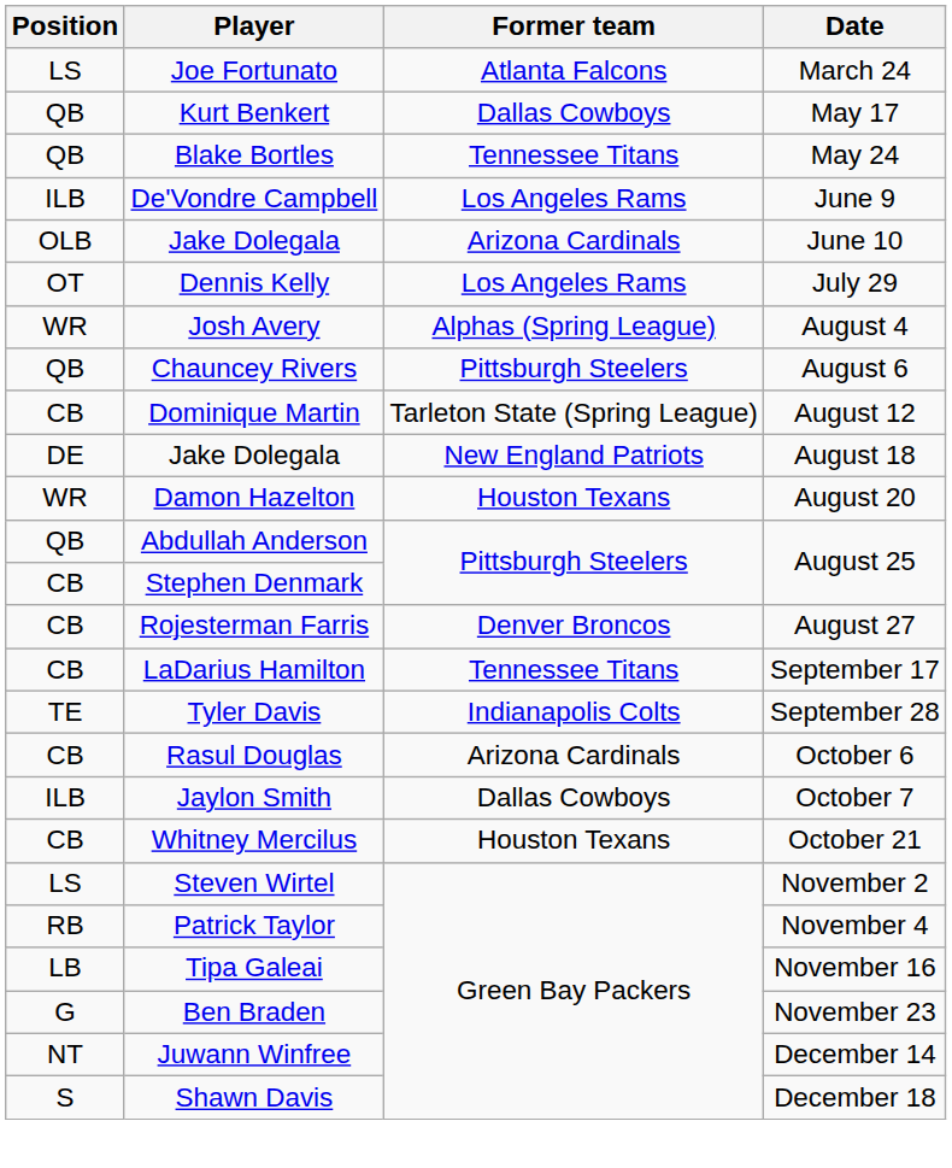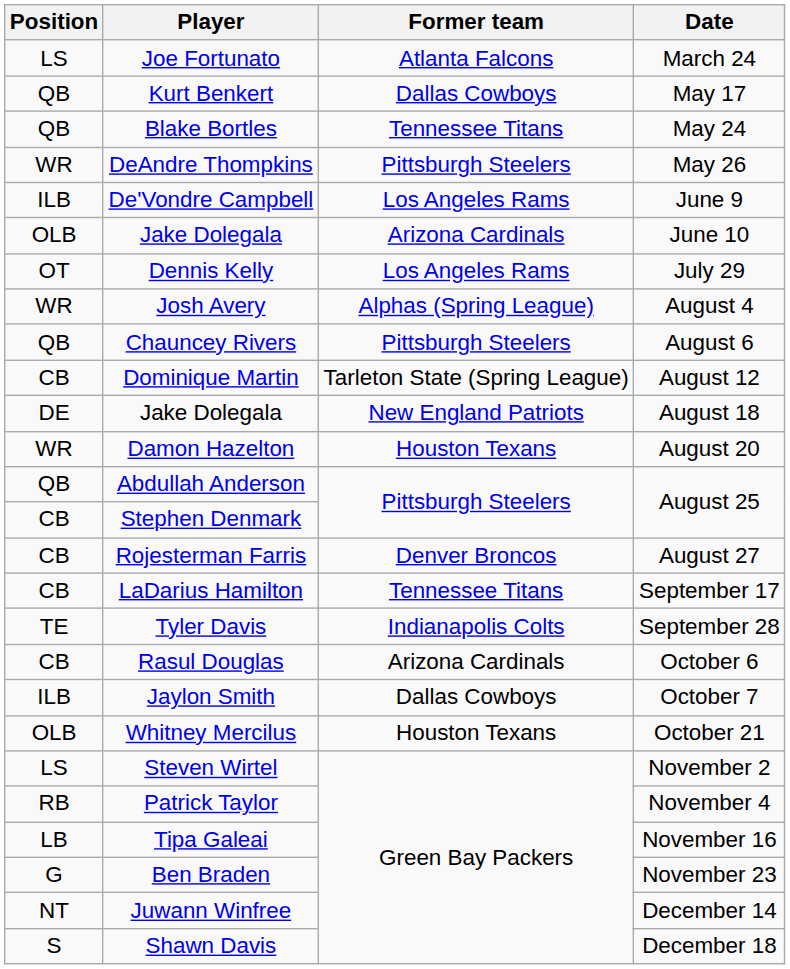 <table class="wikitable" style="text-align:center">
 <tr>
 <th>Position</th>
 <th>Player</th>
 <th>Former team</th>
 <th>Date</th>
 </tr>
 <tr>
 <td>LS</td>
 <td><a href='#'>Joe Fortunato</a></td>
 <td><a href='#'>Atlanta Falcons</a></td>
 <td>March 24</td>
 </tr>
 <tr>
 <td>QB</td>
 <td><a href='#'>Kurt Benkert</a></td>
 <td><a href='#'>Dallas Cowboys</a></td>
 <td>May 17</td>
 </tr>
 <tr>
 <td>QB</td>
 <td><a href='#'>Blake Bortles</a></td>
 <td><a href='#'>Tennessee Titans</a></td>
 <td>May 24</td>
+</tr>
+<tr>
+<td>WR</td>
+<td><a href='#'>DeAndre Thompkins</a></td>
+<td><a href='#'>Pittsburgh Steelers</a></td>
+<td>May 26</td>
 </tr>
 <tr>
 <td>ILB</td>
 <td><a href='#'>De'Vondre Campbell</a></td>
 <td><a href='#'>Los Angeles Rams</a></td>
 <td>June 9</td>
 </tr>
 <tr>
 <td>OLB</td>
 <td><a href='#'>Jake Dolegala</a></td>
 <td><a href='#'>Arizona Cardinals</a></td>
 <td>June 10</td>
 </tr>
 <tr>
 <td>OT</td>
 <td><a href='#'>Dennis Kelly</a></td>
 <td><a href='#'>Los Angeles Rams</a></td>
 <td>July 29</td>
 </tr>
 <tr>
 <td>WR</td>
 <td><a href='#'>Josh Avery</a></td>
 <td><a href='#'>Alphas (Spring League)</a></td>
 <td>August 4</td>
 </tr>
 <tr>
 <td>QB</td>
 <td><a href='#'>Chauncey Rivers</a></td>
 <td><a href='#'>Pittsburgh Steelers</a></td>
 <td>August 6</td>
 </tr>
 <tr>
 <td>CB</td>
 <td><a href='#'>Dominique Martin</a></td>
 <td>Tarleton State (Spring League)</td>
 <td>August 12</td>
 </tr>
 <tr>
 <td>DE</td>
 <td>Jake Dolegala</td>
 <td><a href='#'>New England Patriots</a></td>
 <td>August 18</td>
 </tr>
 <tr>
 <td>WR</td>
 <td><a href='#'>Damon Hazelton</a></td>
 <td><a href='#'>Houston Texans</a></td>
 <td>August 20</td>
 </tr>
 <tr>
 <td>QB</td>
 <td><a href='#'>Abdullah Anderson</a></td>
 <td rowspan=2><a href='#'>Pittsburgh Steelers</a></td>
 <td rowspan=2>August 25</td>
 </tr>
 <tr>
 <td>CB</td>
 <td><a href='#'>Stephen Denmark</a></td>
 </tr>
 <tr>
 <td>CB</td>
 <td><a href='#'>Rojesterman Farris</a></td>
 <td><a href='#'>Denver Broncos</a></td>
 <td>August 27</td>
 </tr>
 <tr>
 <td>CB</td>
 <td><a href='#'>LaDarius Hamilton</a></td>
 <td><a href='#'>Tennessee Titans</a></td>
 <td>September 17</td>
 </tr>
 <tr>
 <td>TE</td>
 <td><a href='#'>Tyler Davis</a></td>
 <td><a href='#'>Indianapolis Colts</a></td>
 <td>September 28</td>
 </tr>
 <tr>
 <td>CB</td>
 <td><a href='#'>Rasul Douglas</a></td>
 <td>Arizona Cardinals</td>
 <td>October 6</td>
 </tr>
 <tr>
 <td>ILB</td>
 <td><a href='#'>Jaylon Smith</a></td>
 <td>Dallas Cowboys</td>
 <td>October 7</td>
 </tr>
 <tr>
-<td>CB</td>
+<td>OLB</td>
 <td><a href='#'>Whitney Mercilus</a></td>
 <td>Houston Texans</td>
 <td>October 21</td>
 </tr>
 <tr>
 <td>LS</td>
 <td><a href='#'>Steven Wirtel</a></td>
 <td rowspan=6>Green Bay Packers</td>
 <td>November 2</td>
 </tr>
 <tr>
 <td>RB</td>
 <td><a href='#'>Patrick Taylor</a></td>
 <td>November 4</td>
 </tr>
 <tr>
 <td>LB</td>
 <td><a href='#'>Tipa Galeai</a></td>
 <td>November 16</td>
 </tr>
 <tr>
 <td>G</td>
 <td><a href='#'>Ben Braden</a></td>
 <td>November 23</td>
 </tr>
 <tr>
 <td>NT</td>
 <td><a href='#'>Juwann Winfree</a></td>
 <td>December 14</td>
 </tr>
 <tr>
 <td>S</td>
 <td><a href='#'>Shawn Davis</a></td>
 <td>December 18</td>
 </tr>
 </table>
